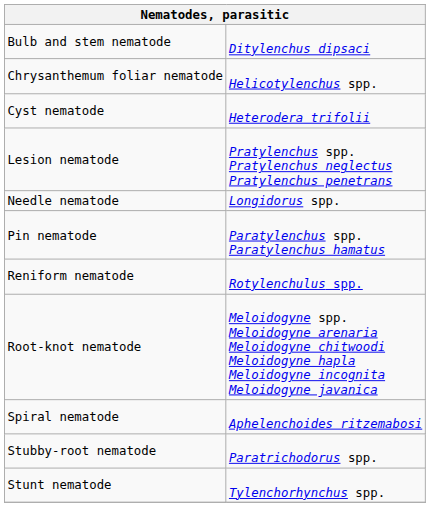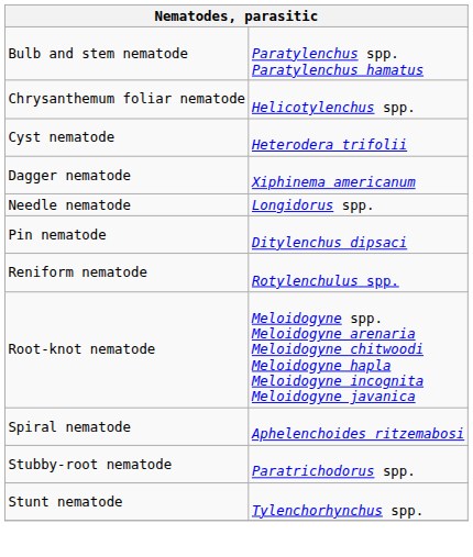 <table class="wikitable" style="clear">
 <tr>
 <th colspan=2><strong>Nematodes, parasitic</strong><br></th>
 </tr>
 <tr>
 <td>Bulb and stem nematode</td>
-<td><br><em><a href='#'>Ditylenchus dipsaci</a></em></td>
+<td><br><em><a href='#'>Paratylenchus</a></em> spp.  <br> <em><a href='#'>Paratylenchus hamatus</a></em></td>
 </tr>
 <tr>
 <td>Chrysanthemum foliar nematode</td>
 <td><br><em><a href='#'>Helicotylenchus</a></em> spp.</td>
 </tr>
 <tr>
 <td>Cyst nematode</td>
 <td><br><em><a href='#'>Heterodera trifolii</a></em></td>
 </tr>
 <tr>
-<td>Lesion nematode</td>
-<td><br><em><a href='#'>Pratylenchus</a></em> spp. <br> <em><a href='#'>Pratylenchus neglectus</a></em> <br> <em><a href='#'>Pratylenchus penetrans</a></em></td>
+<td>Dagger nematode</td>
+<td><br><em><a href='#'>Xiphinema americanum</a></em></td>
 </tr>
 <tr>
 <td>Needle nematode</td>
 <td><em><a href='#'>Longidorus</a></em> spp.</td>
 </tr>
 <tr>
 <td>Pin nematode</td>
-<td><br><em><a href='#'>Paratylenchus</a></em> spp.  <br> <em><a href='#'>Paratylenchus hamatus</a></em></td>
+<td><br><em><a href='#'>Ditylenchus dipsaci</a></em></td>
 </tr>
 <tr>
 <td>Reniform nematode</td>
 <td><br><a href='#'><em>Rotylenchulus</em> spp.</a></td>
 </tr>
 <tr>
 <td>Root-knot nematode</td>
 <td><br><em><a href='#'>Meloidogyne</a></em> spp.  <br> <em><a href='#'>Meloidogyne arenaria</a></em> <br> <em><a href='#'>Meloidogyne chitwoodi</a></em> <br> <em><a href='#'>Meloidogyne hapla</a></em> <br> <em><a href='#'>Meloidogyne incognita</a></em> <br> <em><a href='#'>Meloidogyne javanica</a></em></td>
 </tr>
 <tr>
 <td>Spiral nematode</td>
 <td><br><em><a href='#'>Aphelenchoides ritzemabosi</a></em></td>
 </tr>
 <tr>
 <td>Stubby-root nematode</td>
 <td><br><em><a href='#'>Paratrichodorus</a></em> spp.</td>
 </tr>
 <tr>
 <td>Stunt nematode</td>
 <td><br><em><a href='#'>Tylenchorhynchus</a></em> spp.</td>
 </tr>
 <tr>
 </tr>
 </table>
